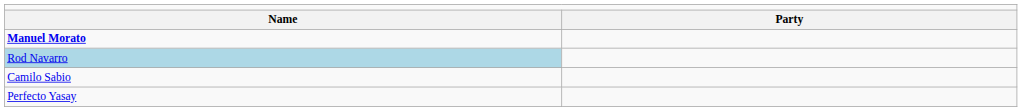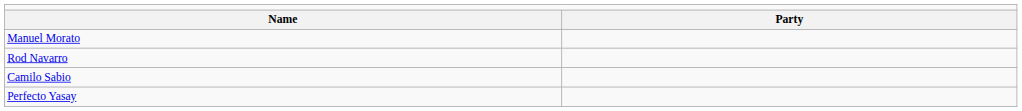 <table class=wikitable style="font-size:90%" width=99%>
 <tr>
 <td colspan=4 bgcolor=></td>
 </tr>
 <tr>
 <th width=55%>Name</th>
 <th colspan=2>Party</th>
 </tr>
 <tr>
-<td><strong><a href='#'>Manuel Morato</a></strong></td>
+<td><a href='#'>Manuel Morato</a></td>
 <td></td>
 </tr>
 <tr>
-<td style="background: lightblue;"><a href='#'>Rod Navarro</a></td>
+<td><a href='#'>Rod Navarro</a></td>
 <td></td>
 </tr>
 <tr>
 <td><a href='#'>Camilo Sabio</a></td>
 <td></td>
 </tr>
 <tr>
 <td><a href='#'>Perfecto Yasay</a></td>
 <td></td>
 </tr>
 </table>
